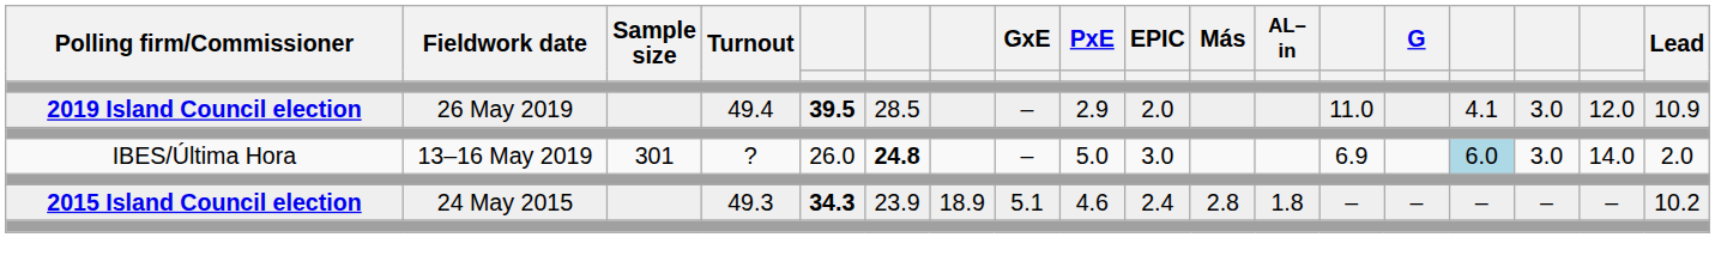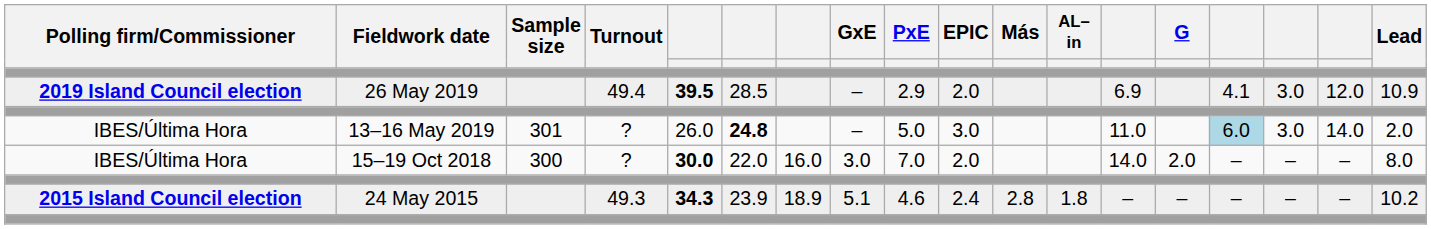 <table class="wikitable collapsible collapsed" style="text-align:center; font-size:95%; line-height:16px;">
 <tr style="height:42px;">
 <th style="width:250px;" rowspan="2">Polling firm/Commissioner</th>
 <th style="width:125px;" rowspan="2">Fieldwork date</th>
 <th style="width:50px;" rowspan="2">Sample size</th>
 <th style="width:45px;" rowspan="2">Turnout</th>
 <th style="width:35px;"></th>
 <th style="width:35px;"></th>
 <th style="width:35px;"></th>
 <th style="width:35px;">GxE</th>
 <th style="width:35px;"><a href='#'>PxE</a></th>
 <th style="width:35px;">EPIC</th>
 <th style="width:35px;">Más</th>
 <th style="width:35px; font-size:85%">AL–in</th>
 <th style="width:35px;"></th>
 <th style="width:35px;"><a href='#'>G</a></th>
 <th style="width:35px;"></th>
 <th style="width:35px;"></th>
 <th style="width:35px;"></th>
 <th style="width:30px;" rowspan="2">Lead</th>
 </tr>
 <tr>
 <th style="color:inherit;background:"></th>
 <th style="color:inherit;background:"></th>
 <th style="color:inherit;background:"></th>
 <th style="color:inherit;background:"></th>
 <th style="color:inherit;background:"></th>
 <th style="color:inherit;background:"></th>
 <th style="color:inherit;background:"></th>
 <th style="color:inherit;background:"></th>
 <th style="color:inherit;background:"></th>
 <th style="color:inherit;background:"></th>
 <th style="color:inherit;background:"></th>
 <th style="color:inherit;background:"></th>
 <th style="color:inherit;background:"></th>
 </tr>
 <tr>
 <td colspan="18" style="background:#A0A0A0"></td>
 </tr>
 <tr style="background:#EFEFEF;">
 <td><strong><a href='#'>2019 Island Council election</a></strong></td>
 <td>26 May 2019</td>
 <td></td>
 <td>49.4</td>
 <td><strong>39.5</strong><br></td>
 <td>28.5<br></td>
 <td></td>
 <td>–</td>
 <td>2.9<br></td>
 <td>2.0<br></td>
 <td></td>
 <td></td>
-<td>11.0<br></td>
+<td>6.9<br></td>
 <td></td>
 <td>4.1<br></td>
 <td>3.0<br></td>
 <td>12.0<br></td>
 <td style="background:">10.9</td>
 </tr>
 <tr>
 <td colspan="18" style="background:#A0A0A0"></td>
 </tr>
 <tr>
 <td>IBES/Última Hora</td>
 <td>13–16 May 2019</td>
 <td>301</td>
 <td>?</td>
 <td>26.0<br></td>
 <td><strong>24.8</strong><br></td>
 <td></td>
 <td>–</td>
 <td>5.0<br></td>
 <td>3.0<br></td>
 <td></td>
 <td></td>
-<td>6.9<br></td>
+<td>11.0<br></td>
 <td></td>
 <td style="background: lightblue;">6.0<br></td>
 <td>3.0<br></td>
 <td>14.0<br></td>
 <td style="background:">2.0</td>
+</tr>
+<tr>
+<td>IBES/Última Hora</td>
+<td>15–19 Oct 2018</td>
+<td>300</td>
+<td>?</td>
+<td><strong>30.0</strong><br></td>
+<td>22.0<br></td>
+<td>16.0<br></td>
+<td>3.0<br></td>
+<td>7.0<br></td>
+<td>2.0<br></td>
+<td></td>
+<td></td>
+<td>14.0<br></td>
+<td>2.0<br></td>
+<td>–</td>
+<td>–</td>
+<td>–</td>
+<td style="background:">8.0</td>
 </tr>
 <tr>
 <td colspan="18" style="background:#A0A0A0"></td>
 </tr>
 <tr style="background:#EFEFEF;">
 <td><strong><a href='#'>2015 Island Council election</a></strong></td>
 <td>24 May 2015</td>
 <td></td>
 <td>49.3</td>
 <td><strong>34.3</strong><br></td>
 <td>23.9<br></td>
 <td>18.9<br></td>
 <td>5.1<br></td>
 <td>4.6<br></td>
 <td>2.4<br></td>
 <td>2.8<br></td>
 <td>1.8<br></td>
 <td>–</td>
 <td>–</td>
 <td>–</td>
 <td>–</td>
 <td>–</td>
 <td style="background:">10.2</td>
 </tr>
 <tr>
 <td colspan="18" style="background:#A0A0A0"></td>
 </tr>
 </table>
